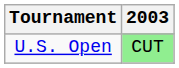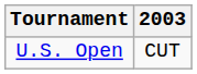 <table class="wikitable" style="font-size:95%;text-align:center;">
 <tr>
 <th>Tournament</th>
 <th>2003</th>
 </tr>
 <tr>
 <td><a href='#'>U.S. Open</a></td>
-<td align="center" style="background: lightgreen;">CUT</td>
+<td align="center">CUT</td>
 </tr>
 </table>
